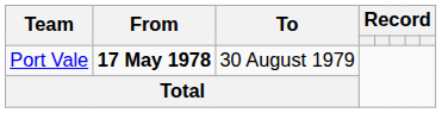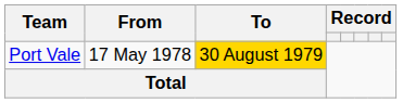 <table class=wikitable style="text-align: center">
 <tr>
 <th rowspan=2>Team</th>
 <th rowspan=2>From</th>
 <th rowspan=2>To</th>
 <th colspan=5>Record</th>
 </tr>
 <tr>
 <th></th>
 <th></th>
 <th></th>
 <th></th>
 <th></th>
 </tr>
 <tr>
 <td align=left><a href='#'>Port Vale</a></td>
-<td align=left><strong>17 May 1978</strong></td>
-<td align=left>30 August 1979<br></td>
+<td align=left>17 May 1978</td>
+<td align=left style="background: gold;">30 August 1979<br></td>
 </tr>
 <tr>
 <th colspan=3>Total<br></th>
 </tr>
 </table>
